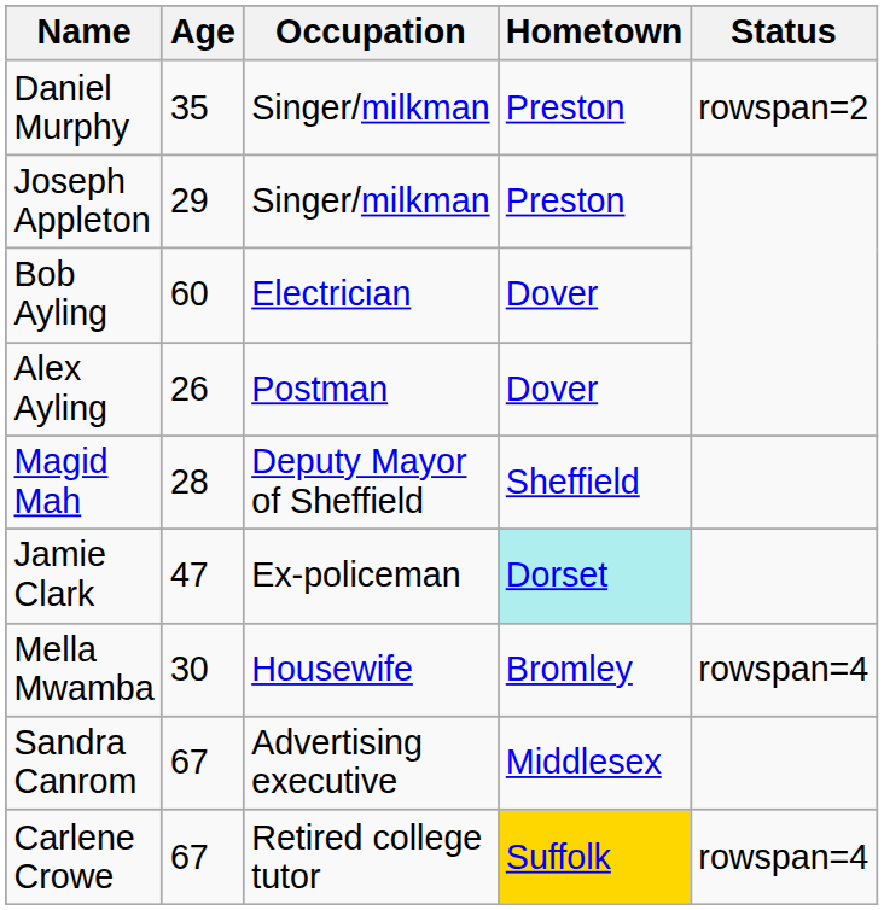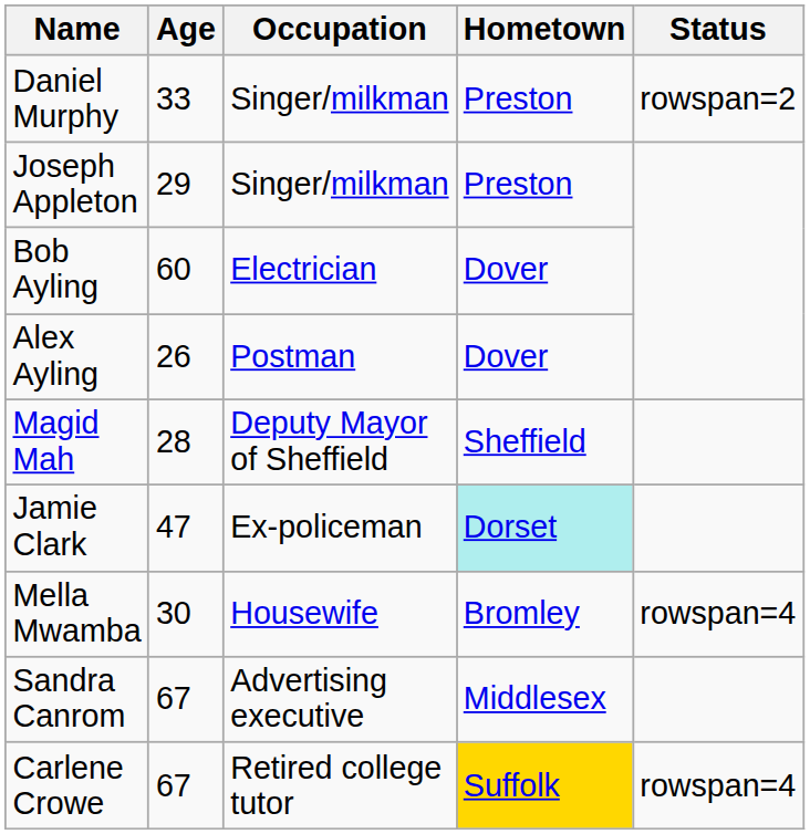 <table class="wikitable sortable" width=60%>
 <tr>
 <th>Name</th>
 <th>Age</th>
 <th>Occupation</th>
 <th>Hometown</th>
 <th>Status</th>
 </tr>
 <tr>
 <td>Daniel Murphy</td>
-<td>35</td>
+<td>33</td>
 <td>Singer/<a href='#'>milkman</a></td>
 <td><a href='#'>Preston</a></td>
 <td>rowspan=2 </td>
 </tr>
 <tr>
 <td>Joseph Appleton</td>
 <td>29</td>
 <td>Singer/<a href='#'>milkman</a></td>
 <td><a href='#'>Preston</a></td>
 </tr>
 <tr>
 <td>Bob Ayling</td>
 <td>60</td>
 <td><a href='#'>Electrician</a></td>
 <td><a href='#'>Dover</a></td>
 </tr>
 <tr>
 <td>Alex Ayling</td>
 <td>26</td>
 <td><a href='#'>Postman</a></td>
 <td><a href='#'>Dover</a></td>
 </tr>
 <tr>
 <td><a href='#'>Magid Mah</a></td>
 <td>28</td>
 <td><a href='#'>Deputy Mayor</a> of Sheffield</td>
 <td><a href='#'>Sheffield</a></td>
 <td></td>
 </tr>
 <tr>
 <td>Jamie Clark</td>
 <td>47</td>
 <td>Ex-policeman</td>
 <td style="background: paleturquoise;"><a href='#'>Dorset</a></td>
 <td></td>
 </tr>
 <tr>
 <td>Mella Mwamba</td>
 <td>30</td>
 <td><a href='#'>Housewife</a></td>
 <td><a href='#'>Bromley</a></td>
 <td>rowspan=4 </td>
 </tr>
 <tr>
 <td>Sandra Canrom</td>
 <td>67</td>
 <td>Advertising executive</td>
 <td><a href='#'>Middlesex</a></td>
 </tr>
 <tr>
 <td>Carlene Crowe</td>
 <td>67</td>
 <td>Retired college tutor</td>
 <td style="background: gold;"><a href='#'>Suffolk</a></td>
 <td>rowspan=4 </td>
 </tr>
 <tr>
 </tr>
 </table>
